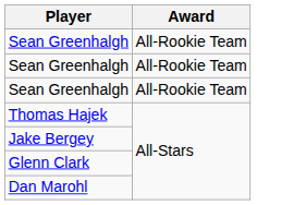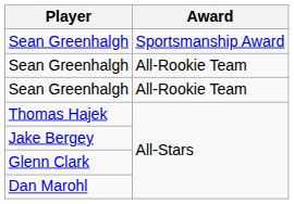 <table class="wikitable">
 <tr>
 <th>Player</th>
 <th>Award</th>
 </tr>
 <tr>
 <td><a href='#'>Sean Greenhalgh</a></td>
-<td>All-Rookie Team</td>
+<td><a href='#'>Sportsmanship Award</a></td>
 </tr>
 <tr>
 <td>Sean Greenhalgh</td>
 <td>All-Rookie Team</td>
 </tr>
 <tr>
 <td>Sean Greenhalgh</td>
 <td>All-Rookie Team</td>
 </tr>
 <tr>
 <td><a href='#'>Thomas Hajek</a></td>
 <td rowspan=4>All-Stars</td>
 </tr>
 <tr>
 <td><a href='#'>Jake Bergey</a></td>
 </tr>
 <tr>
 <td><a href='#'>Glenn Clark</a></td>
 </tr>
 <tr>
 <td><a href='#'>Dan Marohl</a></td>
 </tr>
 </table>
